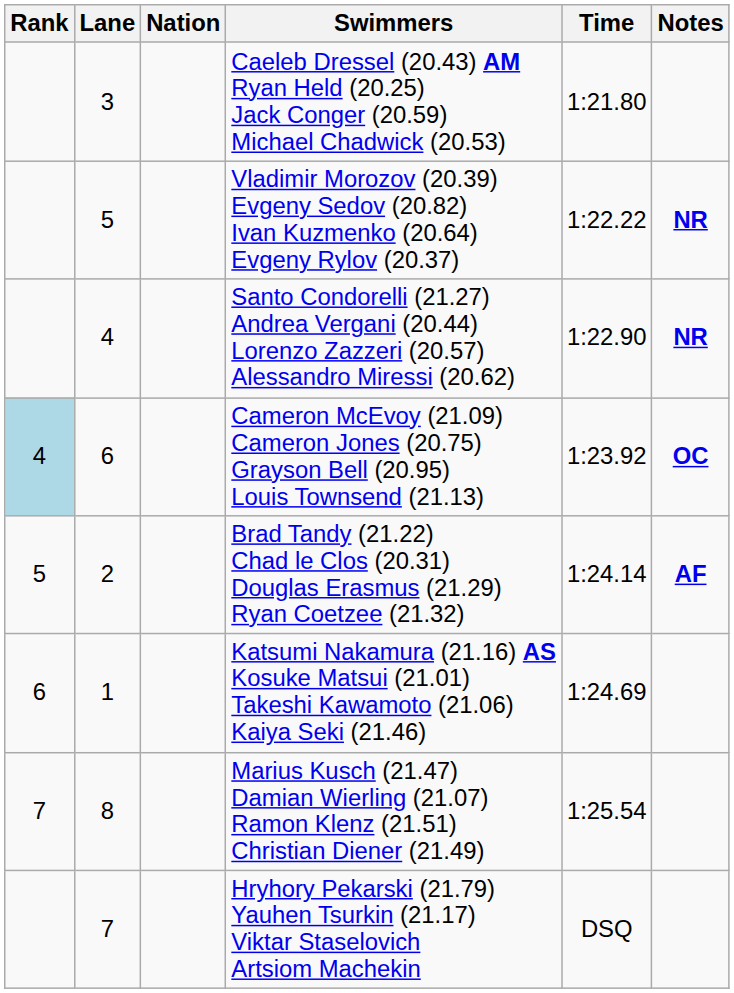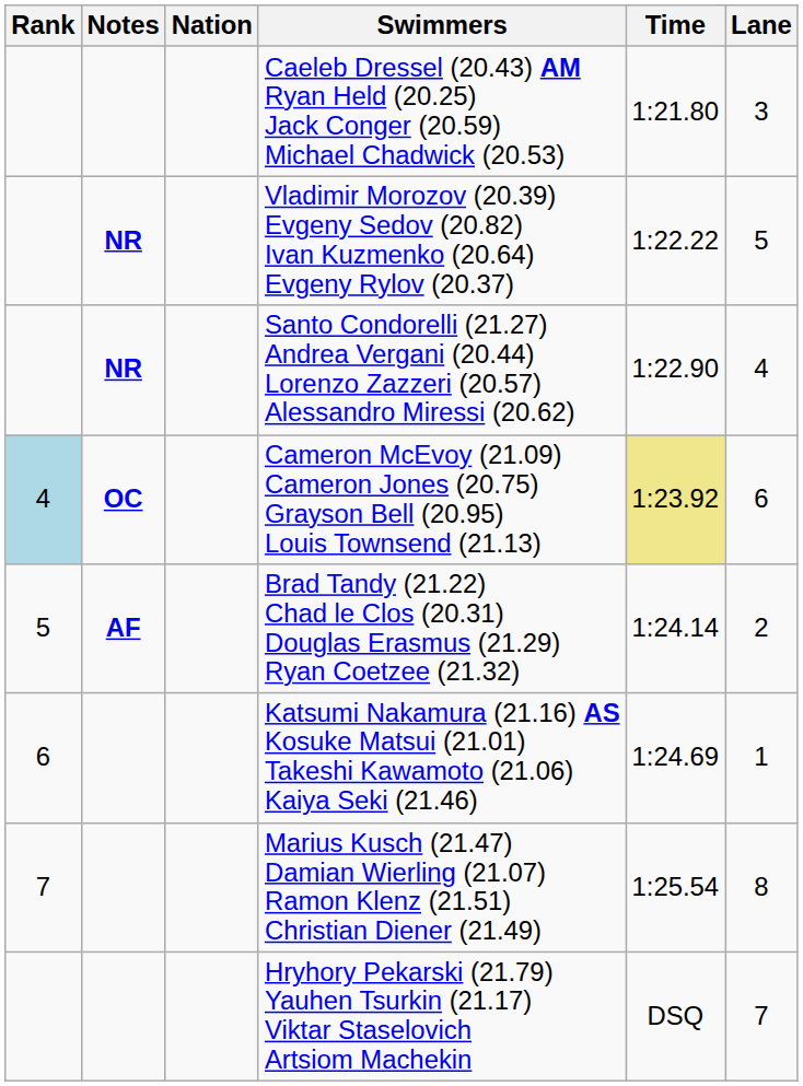 <table class="wikitable sortable" style="text-align:center">
 <tr>
 <th>Rank</th>
-<th>Lane</th>
+<th>Notes</th>
 <th>Nation</th>
 <th>Swimmers</th>
 <th>Time</th>
-<th>Notes</th>
+<th>Lane</th>
 </tr>
 <tr>
 <td></td>
-<td>3</td>
+<td></td>
 <td align=left></td>
 <td align=left><a href='#'>Caeleb Dressel</a> (20.43) <strong><a href='#'>AM</a></strong><br><a href='#'>Ryan Held</a> (20.25)<br><a href='#'>Jack Conger</a> (20.59)<br><a href='#'>Michael Chadwick</a> (20.53)</td>
 <td>1:21.80</td>
-<td></td>
+<td>3</td>
 </tr>
 <tr>
 <td></td>
-<td>5</td>
+<td><strong><a href='#'>NR</a></strong></td>
 <td align=left></td>
 <td align=left><a href='#'>Vladimir Morozov</a> (20.39)<br><a href='#'>Evgeny Sedov</a> (20.82)<br><a href='#'>Ivan Kuzmenko</a> (20.64)<br><a href='#'>Evgeny Rylov</a> (20.37)</td>
 <td>1:22.22</td>
-<td><strong><a href='#'>NR</a></strong></td>
+<td>5</td>
 </tr>
 <tr>
 <td></td>
-<td>4</td>
+<td><strong><a href='#'>NR</a></strong></td>
 <td align=left></td>
 <td align=left><a href='#'>Santo Condorelli</a> (21.27)<br><a href='#'>Andrea Vergani</a> (20.44)<br><a href='#'>Lorenzo Zazzeri</a> (20.57)<br><a href='#'>Alessandro Miressi</a> (20.62)</td>
 <td>1:22.90</td>
-<td><strong><a href='#'>NR</a></strong></td>
+<td>4</td>
 </tr>
 <tr>
 <td style="background: lightblue;">4</td>
-<td>6</td>
+<td><strong><a href='#'>OC</a></strong></td>
 <td align=left></td>
 <td align=left><a href='#'>Cameron McEvoy</a> (21.09)<br><a href='#'>Cameron Jones</a> (20.75)<br><a href='#'>Grayson Bell</a> (20.95)<br><a href='#'>Louis Townsend</a> (21.13)</td>
-<td>1:23.92</td>
-<td><strong><a href='#'>OC</a></strong></td>
+<td style="background: khaki;">1:23.92</td>
+<td>6</td>
 </tr>
 <tr>
 <td>5</td>
-<td>2</td>
+<td><strong><a href='#'>AF</a></strong></td>
 <td align=left></td>
 <td align=left><a href='#'>Brad Tandy</a> (21.22)<br><a href='#'>Chad le Clos</a> (20.31)<br><a href='#'>Douglas Erasmus</a> (21.29)<br><a href='#'>Ryan Coetzee</a> (21.32)</td>
 <td>1:24.14</td>
-<td><strong><a href='#'>AF</a></strong></td>
+<td>2</td>
 </tr>
 <tr>
 <td>6</td>
-<td>1</td>
+<td></td>
 <td align=left></td>
 <td align=left><a href='#'>Katsumi Nakamura</a> (21.16) <strong><a href='#'>AS</a></strong><br><a href='#'>Kosuke Matsui</a> (21.01)<br><a href='#'>Takeshi Kawamoto</a> (21.06)<br><a href='#'>Kaiya Seki</a> (21.46)</td>
 <td>1:24.69</td>
-<td></td>
+<td>1</td>
 </tr>
 <tr>
 <td>7</td>
-<td>8</td>
+<td></td>
 <td align=left></td>
 <td align=left><a href='#'>Marius Kusch</a> (21.47)<br><a href='#'>Damian Wierling</a> (21.07)<br><a href='#'>Ramon Klenz</a> (21.51)<br><a href='#'>Christian Diener</a> (21.49)</td>
 <td>1:25.54</td>
-<td></td>
+<td>8</td>
 </tr>
 <tr>
 <td></td>
-<td>7</td>
+<td></td>
 <td align=left></td>
 <td align=left><a href='#'>Hryhory Pekarski</a> (21.79)<br><a href='#'>Yauhen Tsurkin</a> (21.17)<br><a href='#'>Viktar Staselovich</a><br><a href='#'>Artsiom Machekin</a></td>
 <td>DSQ</td>
-<td></td>
+<td>7</td>
 </tr>
 </table>
